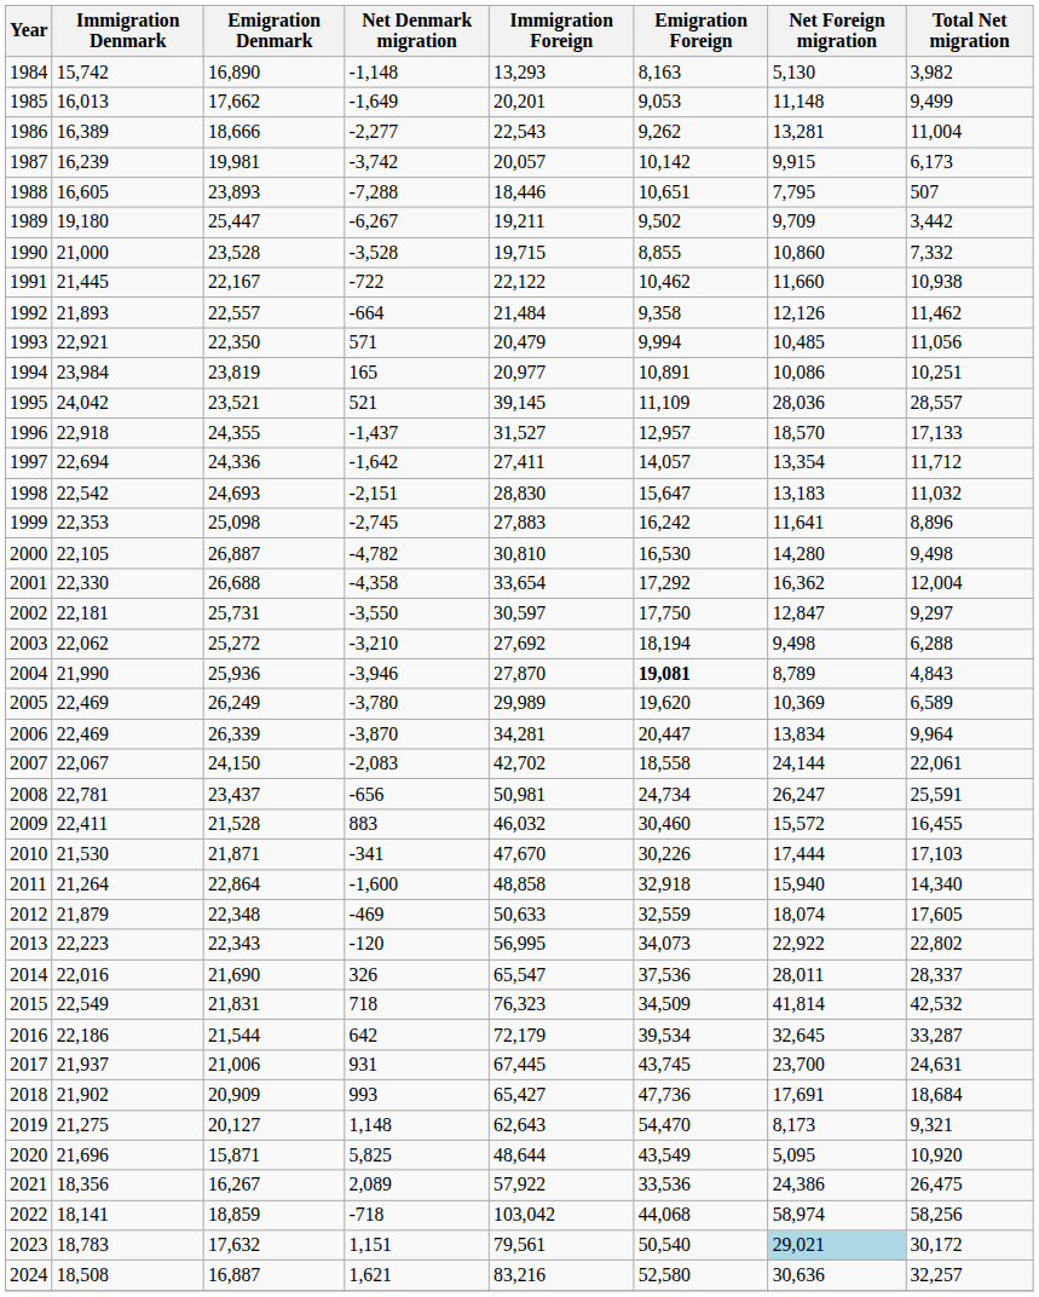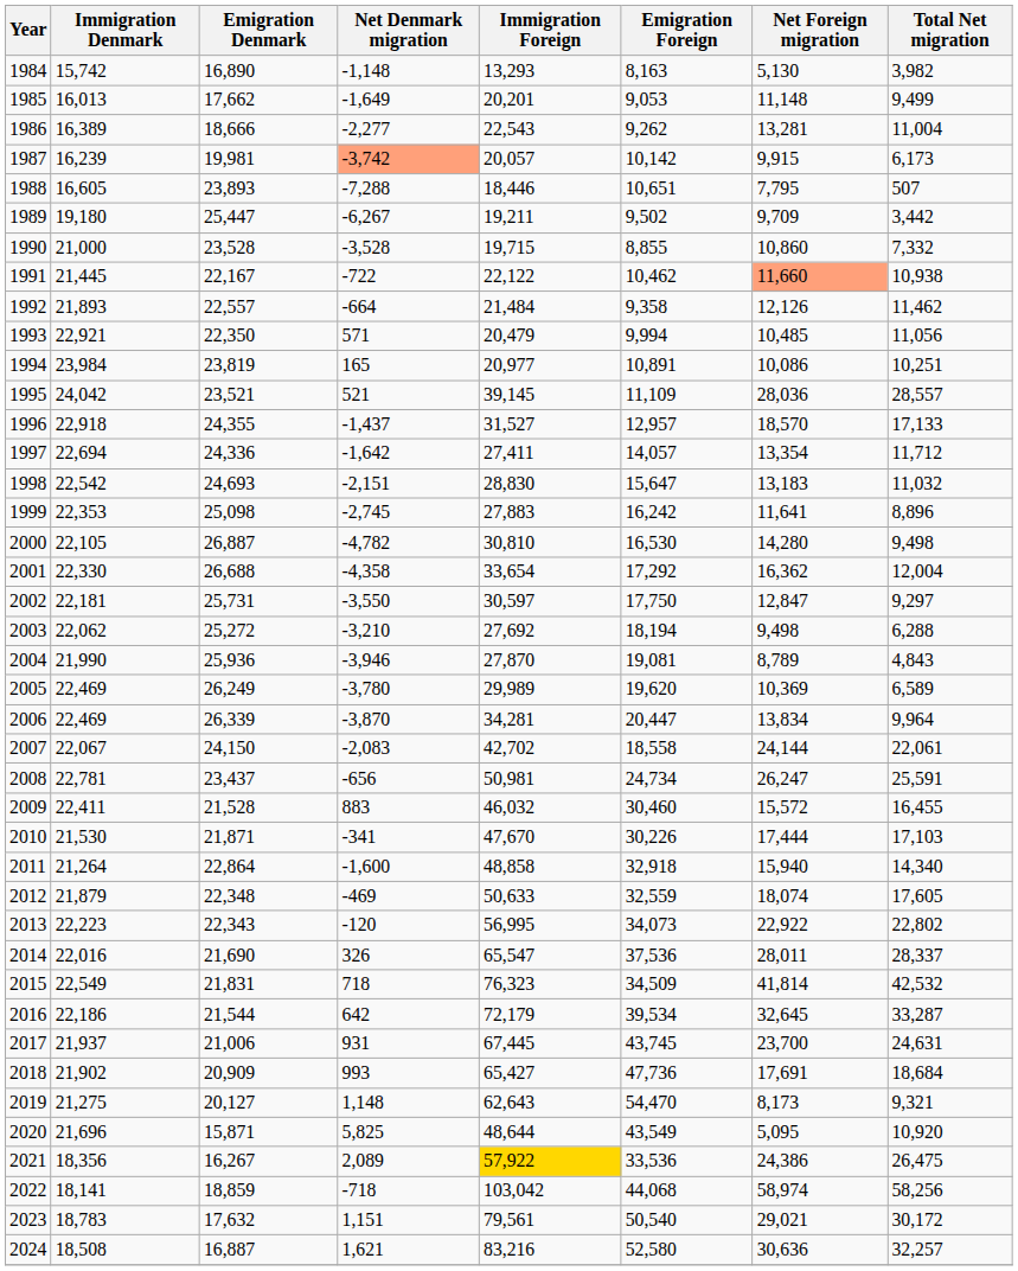 <table class="wikitable sortable">
 <tr>
 <th>Year</th>
 <th>Immigration Denmark</th>
 <th>Emigration Denmark</th>
 <th>Net Denmark migration</th>
 <th>Immigration Foreign</th>
 <th>Emigration Foreign</th>
 <th>Net Foreign migration</th>
 <th>Total Net migration</th>
 </tr>
 <tr>
 <td>1984</td>
 <td>15,742</td>
 <td>16,890</td>
 <td>-1,148</td>
 <td>13,293</td>
 <td>8,163</td>
 <td>5,130</td>
 <td>3,982</td>
 </tr>
 <tr>
 <td>1985</td>
 <td>16,013</td>
 <td>17,662</td>
 <td>-1,649</td>
 <td>20,201</td>
 <td>9,053</td>
 <td>11,148</td>
 <td>9,499</td>
 </tr>
 <tr>
 <td>1986</td>
 <td>16,389</td>
 <td>18,666</td>
 <td>-2,277</td>
 <td>22,543</td>
 <td>9,262</td>
 <td>13,281</td>
 <td>11,004</td>
 </tr>
 <tr>
 <td>1987</td>
 <td>16,239</td>
 <td>19,981</td>
-<td>-3,742</td>
+<td style="background: lightsalmon;">-3,742</td>
 <td>20,057</td>
 <td>10,142</td>
 <td>9,915</td>
 <td>6,173</td>
 </tr>
 <tr>
 <td>1988</td>
 <td>16,605</td>
 <td>23,893</td>
 <td>-7,288</td>
 <td>18,446</td>
 <td>10,651</td>
 <td>7,795</td>
 <td>507</td>
 </tr>
 <tr>
 <td>1989</td>
 <td>19,180</td>
 <td>25,447</td>
 <td>-6,267</td>
 <td>19,211</td>
 <td>9,502</td>
 <td>9,709</td>
 <td>3,442</td>
 </tr>
 <tr>
 <td>1990</td>
 <td>21,000</td>
 <td>23,528</td>
 <td>-3,528</td>
 <td>19,715</td>
 <td>8,855</td>
 <td>10,860</td>
 <td>7,332</td>
 </tr>
 <tr>
 <td>1991</td>
 <td>21,445</td>
 <td>22,167</td>
 <td>-722</td>
 <td>22,122</td>
 <td>10,462</td>
-<td>11,660</td>
+<td style="background: lightsalmon;">11,660</td>
 <td>10,938</td>
 </tr>
 <tr>
 <td>1992</td>
 <td>21,893</td>
 <td>22,557</td>
 <td>-664</td>
 <td>21,484</td>
 <td>9,358</td>
 <td>12,126</td>
 <td>11,462</td>
 </tr>
 <tr>
 <td>1993</td>
 <td>22,921</td>
 <td>22,350</td>
 <td>571</td>
 <td>20,479</td>
 <td>9,994</td>
 <td>10,485</td>
 <td>11,056</td>
 </tr>
 <tr>
 <td>1994</td>
 <td>23,984</td>
 <td>23,819</td>
 <td>165</td>
 <td>20,977</td>
 <td>10,891</td>
 <td>10,086</td>
 <td>10,251</td>
 </tr>
 <tr>
 <td>1995</td>
 <td>24,042</td>
 <td>23,521</td>
 <td>521</td>
 <td>39,145</td>
 <td>11,109</td>
 <td>28,036</td>
 <td>28,557</td>
 </tr>
 <tr>
 <td>1996</td>
 <td>22,918</td>
 <td>24,355</td>
 <td>-1,437</td>
 <td>31,527</td>
 <td>12,957</td>
 <td>18,570</td>
 <td>17,133</td>
 </tr>
 <tr>
 <td>1997</td>
 <td>22,694</td>
 <td>24,336</td>
 <td>-1,642</td>
 <td>27,411</td>
 <td>14,057</td>
 <td>13,354</td>
 <td>11,712</td>
 </tr>
 <tr>
 <td>1998</td>
 <td>22,542</td>
 <td>24,693</td>
 <td>-2,151</td>
 <td>28,830</td>
 <td>15,647</td>
 <td>13,183</td>
 <td>11,032</td>
 </tr>
 <tr>
 <td>1999</td>
 <td>22,353</td>
 <td>25,098</td>
 <td>-2,745</td>
 <td>27,883</td>
 <td>16,242</td>
 <td>11,641</td>
 <td>8,896</td>
 </tr>
 <tr>
 <td>2000</td>
 <td>22,105</td>
 <td>26,887</td>
 <td>-4,782</td>
 <td>30,810</td>
 <td>16,530</td>
 <td>14,280</td>
 <td>9,498</td>
 </tr>
 <tr>
 <td>2001</td>
 <td>22,330</td>
 <td>26,688</td>
 <td>-4,358</td>
 <td>33,654</td>
 <td>17,292</td>
 <td>16,362</td>
 <td>12,004</td>
 </tr>
 <tr>
 <td>2002</td>
 <td>22,181</td>
 <td>25,731</td>
 <td>-3,550</td>
 <td>30,597</td>
 <td>17,750</td>
 <td>12,847</td>
 <td>9,297</td>
 </tr>
 <tr>
 <td>2003</td>
 <td>22,062</td>
 <td>25,272</td>
 <td>-3,210</td>
 <td>27,692</td>
 <td>18,194</td>
 <td>9,498</td>
 <td>6,288</td>
 </tr>
 <tr>
 <td>2004</td>
 <td>21,990</td>
 <td>25,936</td>
 <td>-3,946</td>
 <td>27,870</td>
-<td><strong>19,081</strong></td>
+<td>19,081</td>
 <td>8,789</td>
 <td>4,843</td>
 </tr>
 <tr>
 <td>2005</td>
 <td>22,469</td>
 <td>26,249</td>
 <td>-3,780</td>
 <td>29,989</td>
 <td>19,620</td>
 <td>10,369</td>
 <td>6,589</td>
 </tr>
 <tr>
 <td>2006</td>
 <td>22,469</td>
 <td>26,339</td>
 <td>-3,870</td>
 <td>34,281</td>
 <td>20,447</td>
 <td>13,834</td>
 <td>9,964</td>
 </tr>
 <tr>
 <td>2007</td>
 <td>22,067</td>
 <td>24,150</td>
 <td>-2,083</td>
 <td>42,702</td>
 <td>18,558</td>
 <td>24,144</td>
 <td>22,061</td>
 </tr>
 <tr>
 <td>2008</td>
 <td>22,781</td>
 <td>23,437</td>
 <td>-656</td>
 <td>50,981</td>
 <td>24,734</td>
 <td>26,247</td>
 <td>25,591</td>
 </tr>
 <tr>
 <td>2009</td>
 <td>22,411</td>
 <td>21,528</td>
 <td>883</td>
 <td>46,032</td>
 <td>30,460</td>
 <td>15,572</td>
 <td>16,455</td>
 </tr>
 <tr>
 <td>2010</td>
 <td>21,530</td>
 <td>21,871</td>
 <td>-341</td>
 <td>47,670</td>
 <td>30,226</td>
 <td>17,444</td>
 <td>17,103</td>
 </tr>
 <tr>
 <td>2011</td>
 <td>21,264</td>
 <td>22,864</td>
 <td>-1,600</td>
 <td>48,858</td>
 <td>32,918</td>
 <td>15,940</td>
 <td>14,340</td>
 </tr>
 <tr>
 <td>2012</td>
 <td>21,879</td>
 <td>22,348</td>
 <td>-469</td>
 <td>50,633</td>
 <td>32,559</td>
 <td>18,074</td>
 <td>17,605</td>
 </tr>
 <tr>
 <td>2013</td>
 <td>22,223</td>
 <td>22,343</td>
 <td>-120</td>
 <td>56,995</td>
 <td>34,073</td>
 <td>22,922</td>
 <td>22,802</td>
 </tr>
 <tr>
 <td>2014</td>
 <td>22,016</td>
 <td>21,690</td>
 <td>326</td>
 <td>65,547</td>
 <td>37,536</td>
 <td>28,011</td>
 <td>28,337</td>
 </tr>
 <tr>
 <td>2015</td>
 <td>22,549</td>
 <td>21,831</td>
 <td>718</td>
 <td>76,323</td>
 <td>34,509</td>
 <td>41,814</td>
 <td>42,532</td>
 </tr>
 <tr>
 <td>2016</td>
 <td>22,186</td>
 <td>21,544</td>
 <td>642</td>
 <td>72,179</td>
 <td>39,534</td>
 <td>32,645</td>
 <td>33,287</td>
 </tr>
 <tr>
 <td>2017</td>
 <td>21,937</td>
 <td>21,006</td>
 <td>931</td>
 <td>67,445</td>
 <td>43,745</td>
 <td>23,700</td>
 <td>24,631</td>
 </tr>
 <tr>
 <td>2018</td>
 <td>21,902</td>
 <td>20,909</td>
 <td>993</td>
 <td>65,427</td>
 <td>47,736</td>
 <td>17,691</td>
 <td>18,684</td>
 </tr>
 <tr>
 <td>2019</td>
 <td>21,275</td>
 <td>20,127</td>
 <td>1,148</td>
 <td>62,643</td>
 <td>54,470</td>
 <td>8,173</td>
 <td>9,321</td>
 </tr>
 <tr>
 <td>2020</td>
 <td>21,696</td>
 <td>15,871</td>
 <td>5,825</td>
 <td>48,644</td>
 <td>43,549</td>
 <td>5,095</td>
 <td>10,920</td>
 </tr>
 <tr>
 <td>2021</td>
 <td>18,356</td>
 <td>16,267</td>
 <td>2,089</td>
-<td>57,922</td>
+<td style="background: gold;">57,922</td>
 <td>33,536</td>
 <td>24,386</td>
 <td>26,475</td>
 </tr>
 <tr>
 <td>2022</td>
 <td>18,141</td>
 <td>18,859</td>
 <td>-718</td>
 <td>103,042</td>
 <td>44,068</td>
 <td>58,974</td>
 <td>58,256</td>
 </tr>
 <tr>
 <td>2023</td>
 <td>18,783</td>
 <td>17,632</td>
 <td>1,151</td>
 <td>79,561</td>
 <td>50,540</td>
-<td style="background: lightblue;">29,021</td>
+<td>29,021</td>
 <td>30,172</td>
 </tr>
 <tr>
 <td>2024</td>
 <td>18,508</td>
 <td>16,887</td>
 <td>1,621</td>
 <td>83,216</td>
 <td>52,580</td>
 <td>30,636</td>
 <td>32,257</td>
 </tr>
 <tr>
 </tr>
 </table>
